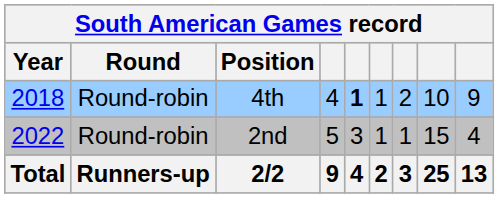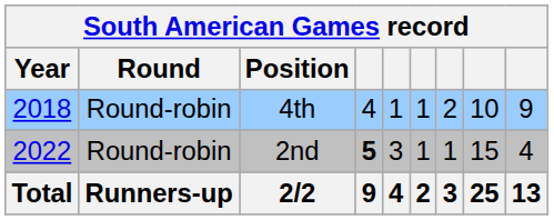 <table class="wikitable" style="text-align: center;font-size:90%;">
 <tr>
 <th colspan=10><a href='#'>South American Games</a> record</th>
 </tr>
 <tr>
 <th>Year</th>
 <th>Round</th>
 <th>Position</th>
 <th></th>
 <th></th>
 <th></th>
 <th></th>
 <th></th>
 <th></th>
 </tr>
 <tr bgcolor=9acdff>
 <td> <a href='#'>2018</a></td>
 <td>Round-robin</td>
 <td>4th</td>
 <td>4</td>
-<td><strong>1</strong></td>
+<td>1</td>
 <td>1</td>
 <td>2</td>
 <td>10</td>
 <td>9</td>
 </tr>
 <tr bgcolor=silver>
 <td> <a href='#'>2022</a></td>
 <td>Round-robin</td>
 <td>2nd</td>
-<td>5</td>
+<td><strong>5</strong></td>
 <td>3</td>
 <td>1</td>
 <td>1</td>
 <td>15</td>
 <td>4</td>
 </tr>
 <tr>
 <th><strong>Total</strong></th>
 <th><strong>Runners-up</strong></th>
 <th>2/2</th>
 <th>9</th>
 <th>4</th>
 <th>2</th>
 <th>3</th>
 <th>25</th>
 <th>13</th>
 </tr>
 </table>
